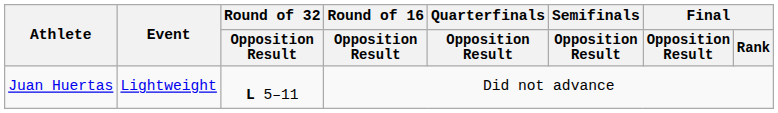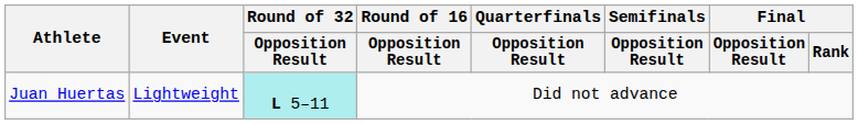 <table class="wikitable" style="font-size:90%">
 <tr>
 <th rowspan="2">Athlete</th>
 <th rowspan="2">Event</th>
 <th>Round of 32</th>
 <th>Round of 16</th>
 <th>Quarterfinals</th>
 <th>Semifinals</th>
 <th colspan=2>Final</th>
 </tr>
 <tr style="font-size:95%">
 <th>Opposition<br>Result</th>
 <th>Opposition<br>Result</th>
 <th>Opposition<br>Result</th>
 <th>Opposition<br>Result</th>
 <th>Opposition<br>Result</th>
 <th>Rank</th>
 </tr>
 <tr align=center>
 <td align=left><a href='#'>Juan Huertas</a></td>
 <td align=left><a href='#'>Lightweight</a></td>
-<td><br><strong>L</strong> 5–11</td>
+<td style="background: paleturquoise;"><br><strong>L</strong> 5–11</td>
 <td colspan=5>Did not advance</td>
 </tr>
 </table>
